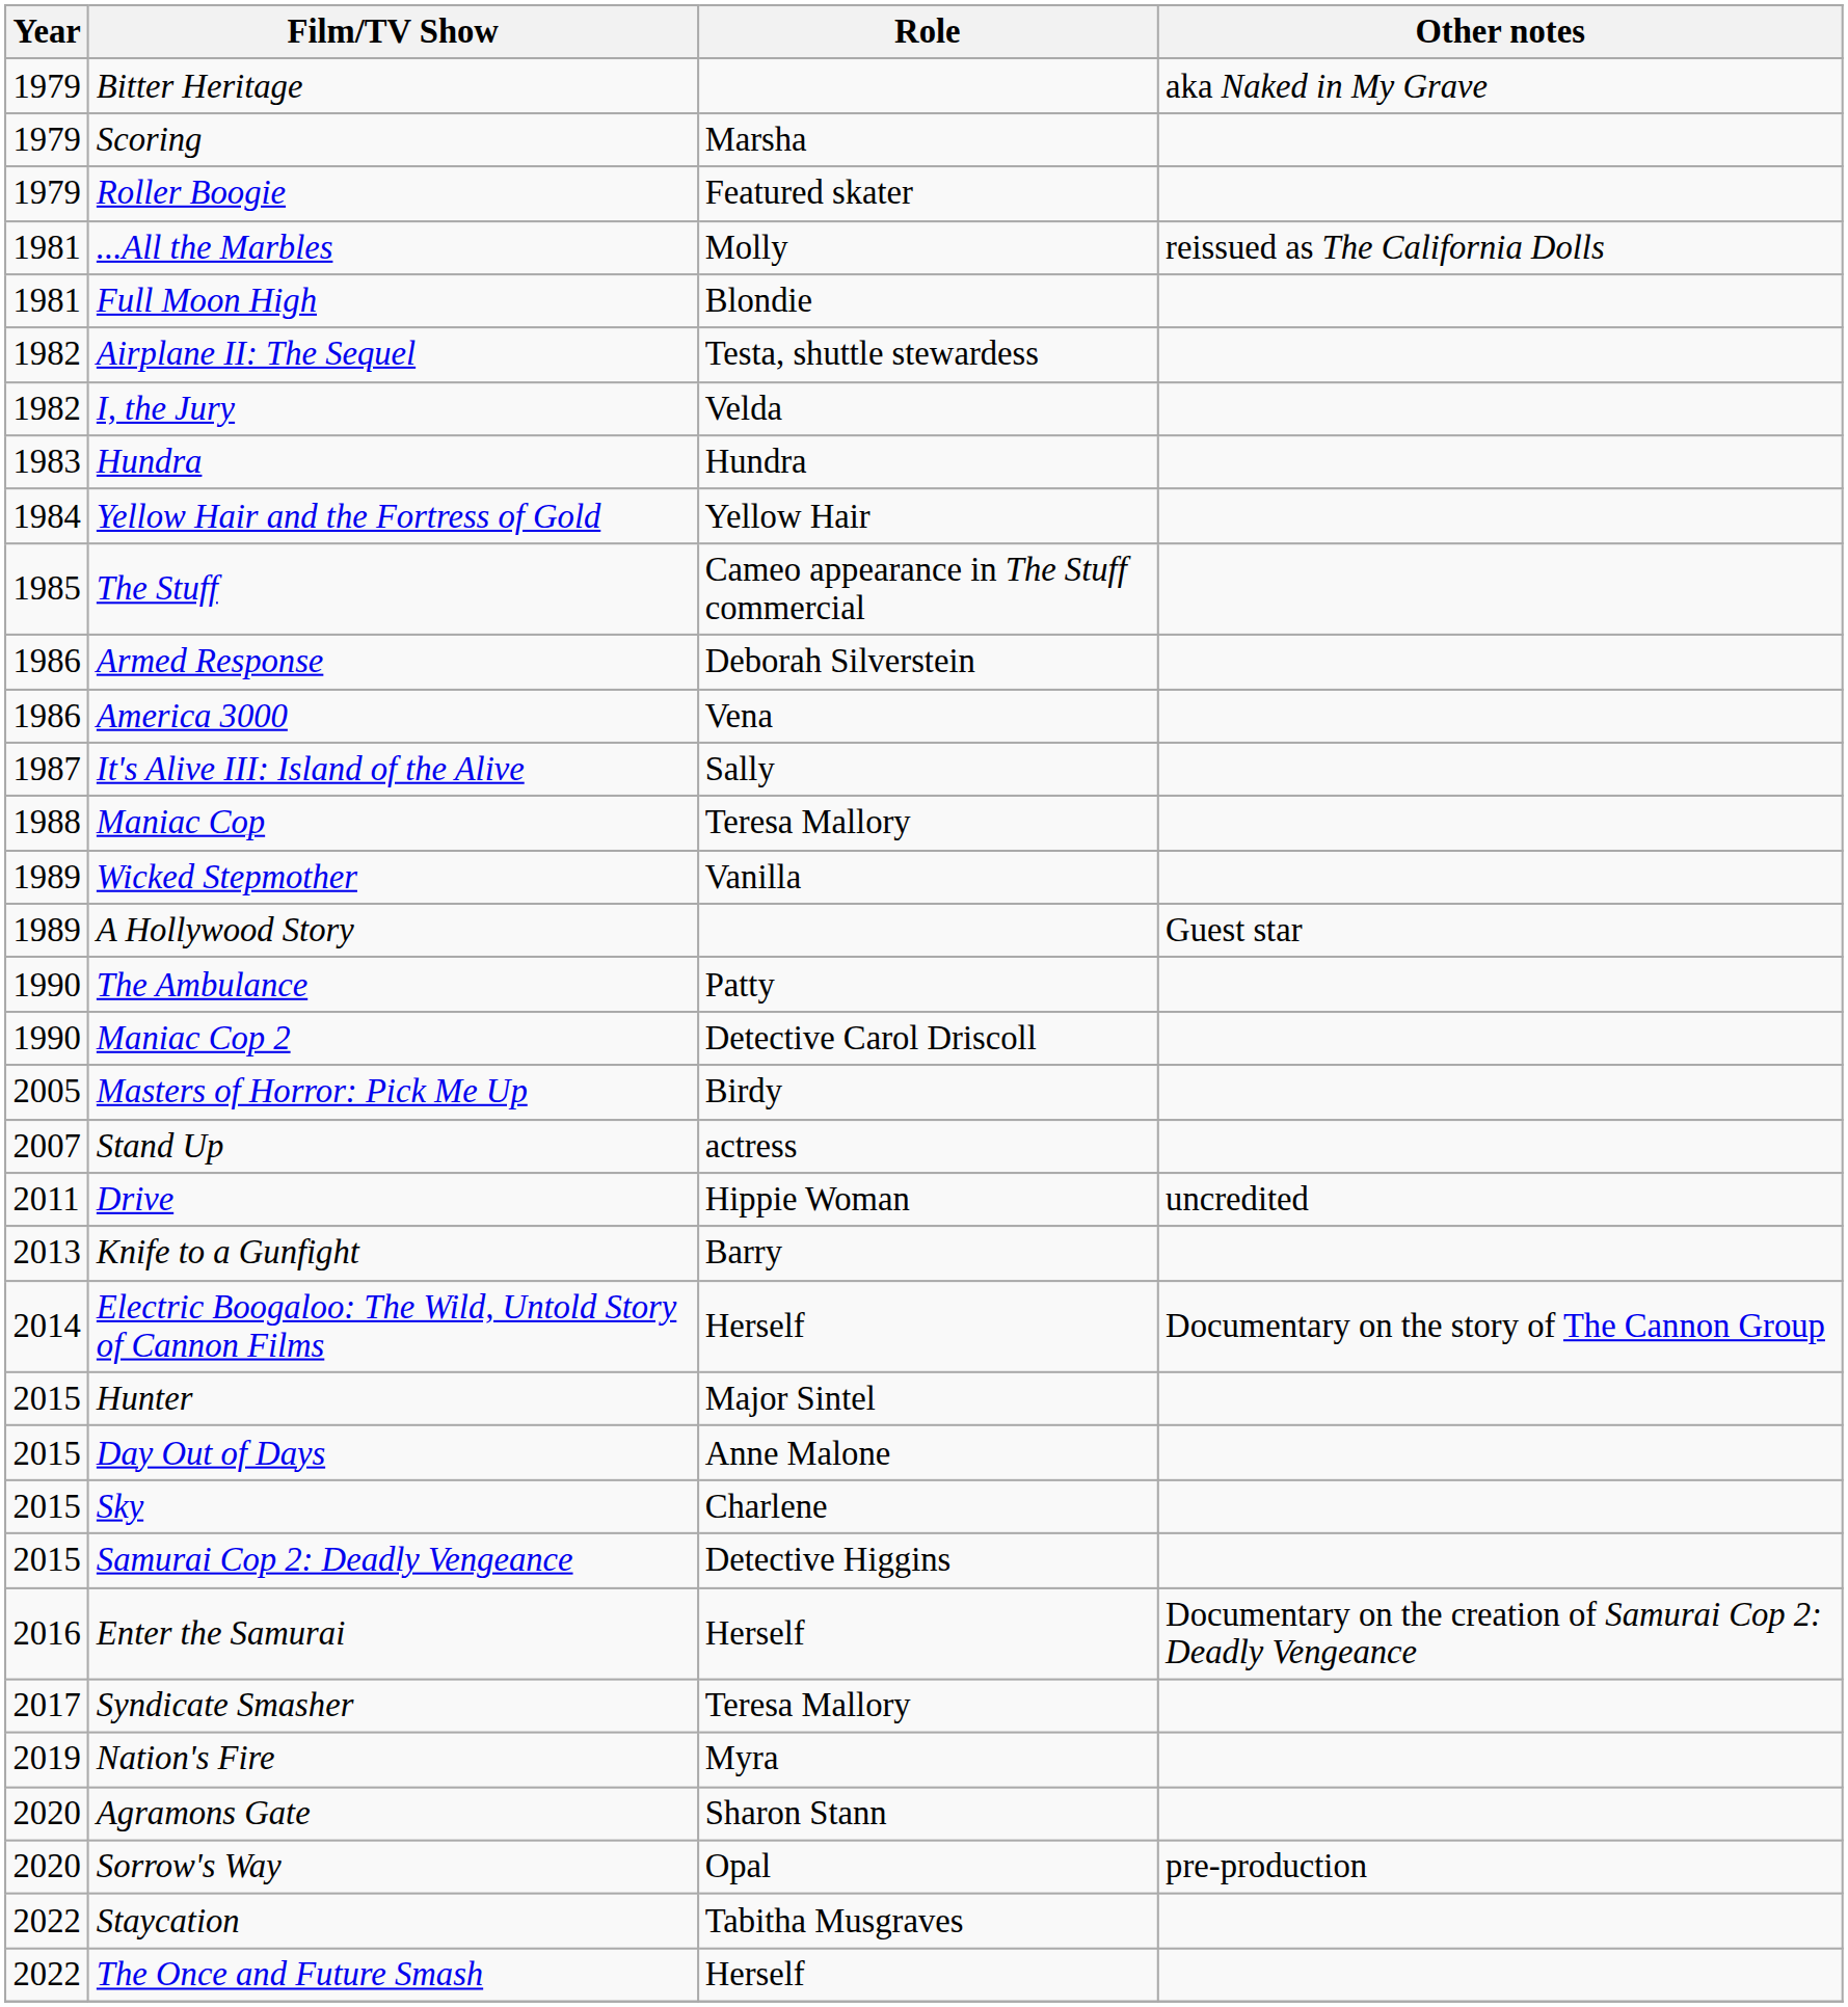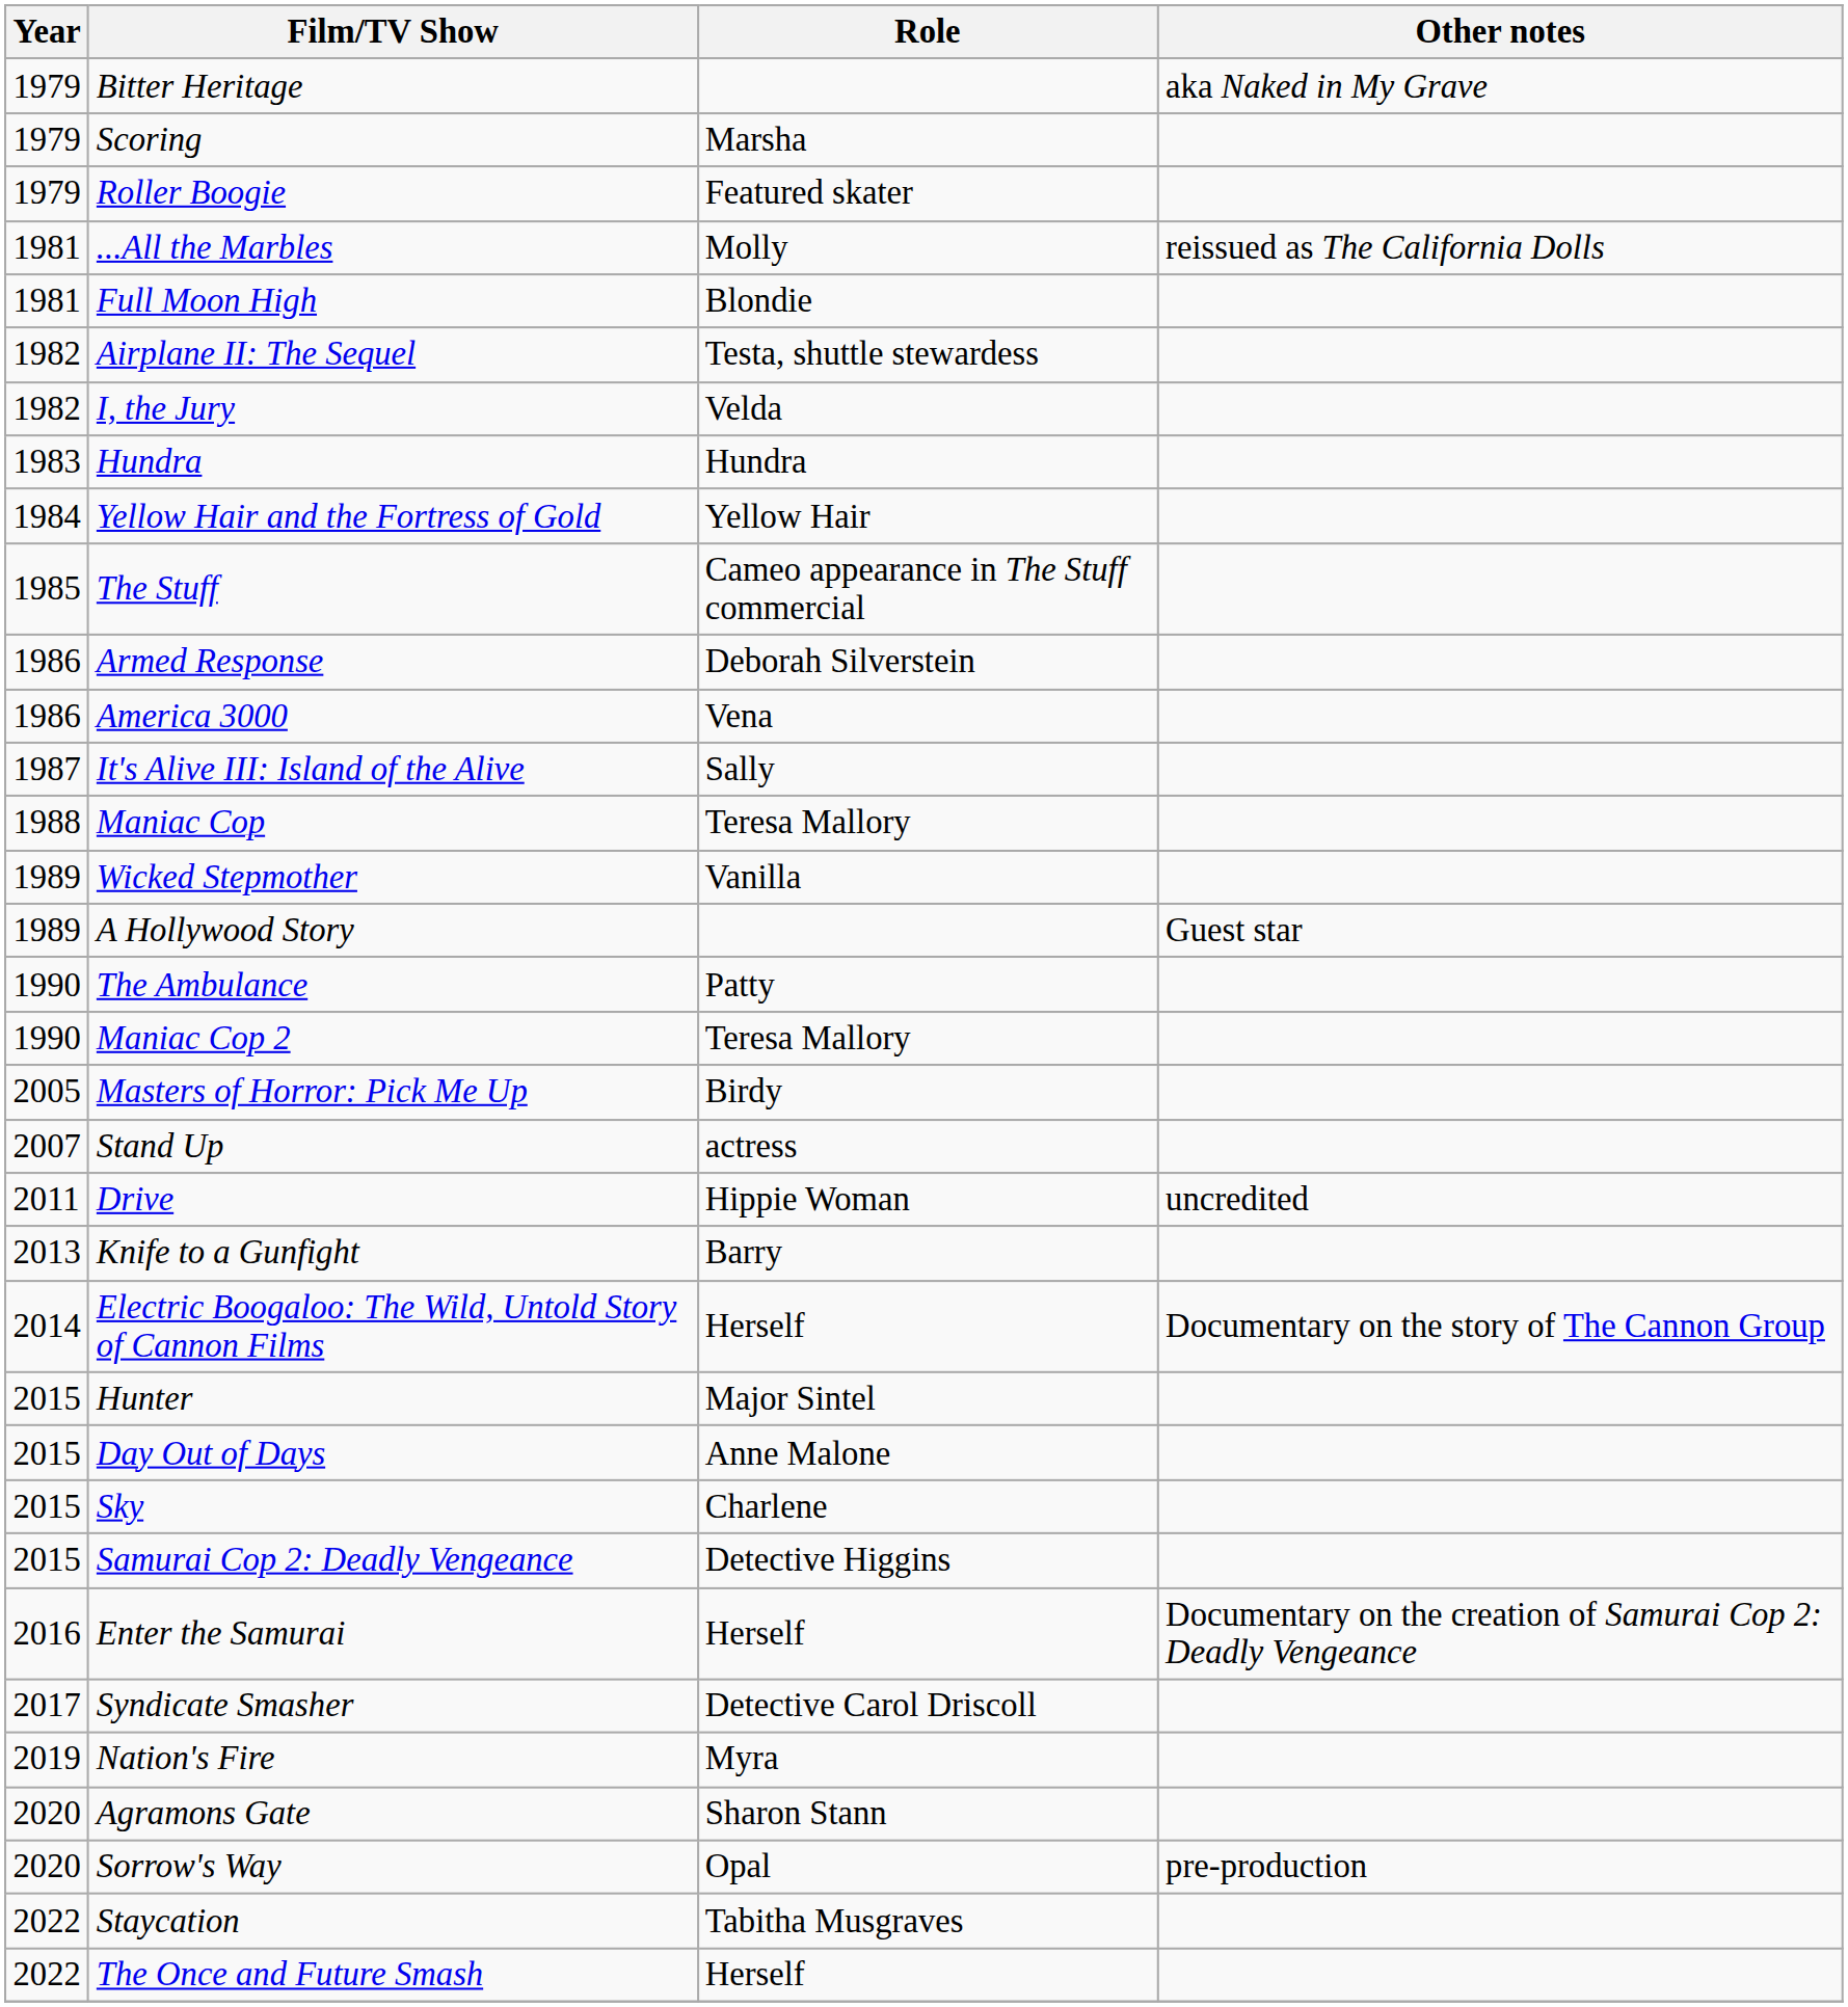 <table class="wikitable">
 <tr>
 <th>Year</th>
 <th>Film/TV Show</th>
 <th>Role</th>
 <th>Other notes</th>
 </tr>
 <tr>
 <td>1979</td>
 <td><em>Bitter Heritage</em></td>
 <td></td>
 <td>aka <em>Naked in My Grave</em></td>
 </tr>
 <tr>
 <td>1979</td>
 <td><em>Scoring</em></td>
 <td>Marsha</td>
 <td></td>
 </tr>
 <tr>
 <td>1979</td>
 <td><em><a href='#'>Roller Boogie</a></em></td>
 <td>Featured skater</td>
 <td></td>
 </tr>
 <tr>
 <td>1981</td>
 <td><em><a href='#'>...All the Marbles</a></em></td>
 <td>Molly</td>
 <td>reissued as <em>The California Dolls</em></td>
 </tr>
 <tr>
 <td>1981</td>
 <td><em><a href='#'>Full Moon High</a></em></td>
 <td>Blondie</td>
 <td></td>
 </tr>
 <tr>
 <td>1982</td>
 <td><em><a href='#'>Airplane II: The Sequel</a></em></td>
 <td>Testa, shuttle stewardess</td>
 <td></td>
 </tr>
 <tr>
 <td>1982</td>
 <td><em><a href='#'>I, the Jury</a></em></td>
 <td>Velda</td>
 <td></td>
 </tr>
 <tr>
 <td>1983</td>
 <td><em><a href='#'>Hundra</a></em></td>
 <td>Hundra</td>
 <td></td>
 </tr>
 <tr>
 <td>1984</td>
 <td><em><a href='#'>Yellow Hair and the Fortress of Gold</a></em></td>
 <td>Yellow Hair</td>
 <td></td>
 </tr>
 <tr>
 <td>1985</td>
 <td><em><a href='#'>The Stuff</a></em></td>
 <td>Cameo appearance in <em>The Stuff</em> commercial</td>
 <td></td>
 </tr>
 <tr>
 <td>1986</td>
 <td><em><a href='#'>Armed Response</a></em></td>
 <td>Deborah Silverstein</td>
 <td></td>
 </tr>
 <tr>
 <td>1986</td>
 <td><em><a href='#'>America 3000</a></em></td>
 <td>Vena</td>
 <td></td>
 </tr>
 <tr>
 <td>1987</td>
 <td><em><a href='#'>It's Alive III: Island of the Alive</a></em></td>
 <td>Sally</td>
 <td></td>
 </tr>
 <tr>
 <td>1988</td>
 <td><em><a href='#'>Maniac Cop</a></em></td>
 <td>Teresa Mallory</td>
 <td></td>
 </tr>
 <tr>
 <td>1989</td>
 <td><em><a href='#'>Wicked Stepmother</a></em></td>
 <td>Vanilla</td>
 <td></td>
 </tr>
 <tr>
 <td>1989</td>
 <td><em>A Hollywood Story</em></td>
 <td></td>
 <td>Guest star</td>
 </tr>
 <tr>
 <td>1990</td>
 <td><em><a href='#'>The Ambulance</a></em></td>
 <td>Patty</td>
 <td></td>
 </tr>
 <tr>
 <td>1990</td>
 <td><em><a href='#'>Maniac Cop 2</a></em></td>
-<td>Detective Carol Driscoll</td>
+<td>Teresa Mallory</td>
 <td></td>
 </tr>
 <tr>
 <td>2005</td>
 <td><em><a href='#'>Masters of Horror: Pick Me Up</a></em></td>
 <td>Birdy</td>
 <td></td>
 </tr>
 <tr>
 <td>2007</td>
 <td><em>Stand Up</em></td>
 <td>actress</td>
 <td></td>
 </tr>
 <tr>
 <td>2011</td>
 <td><em><a href='#'>Drive</a></em></td>
 <td>Hippie Woman</td>
 <td>uncredited</td>
 </tr>
 <tr>
 <td>2013</td>
 <td><em>Knife to a Gunfight</em></td>
 <td>Barry</td>
 <td></td>
 </tr>
 <tr>
 <td>2014</td>
 <td><em><a href='#'>Electric Boogaloo: The Wild, Untold Story of Cannon Films</a></em></td>
 <td>Herself</td>
 <td>Documentary on the story of <a href='#'>The Cannon Group</a></td>
 </tr>
 <tr>
 <td>2015</td>
 <td><em>Hunter</em></td>
 <td>Major Sintel</td>
 <td></td>
 </tr>
 <tr>
 <td>2015</td>
 <td><em><a href='#'>Day Out of Days</a></em></td>
 <td>Anne Malone</td>
 <td></td>
 </tr>
 <tr>
 <td>2015</td>
 <td><em><a href='#'>Sky</a></em></td>
 <td>Charlene</td>
 <td></td>
 </tr>
 <tr>
 <td>2015</td>
 <td><em><a href='#'>Samurai Cop 2: Deadly Vengeance</a></em></td>
 <td>Detective Higgins</td>
 <td></td>
 </tr>
 <tr>
 <td>2016</td>
 <td><em>Enter the Samurai</em></td>
 <td>Herself</td>
 <td>Documentary on the creation of <em>Samurai Cop 2: Deadly Vengeance</em></td>
 </tr>
 <tr>
 <td>2017</td>
 <td><em>Syndicate Smasher</em></td>
-<td>Teresa Mallory</td>
+<td>Detective Carol Driscoll</td>
 <td></td>
 </tr>
 <tr>
 <td>2019</td>
 <td><em>Nation's Fire</em></td>
 <td>Myra</td>
 <td></td>
 </tr>
 <tr>
 <td>2020</td>
 <td><em>Agramons Gate</em></td>
 <td>Sharon Stann</td>
 <td></td>
 </tr>
 <tr>
 <td>2020</td>
 <td><em>Sorrow's Way</em></td>
 <td>Opal</td>
 <td>pre-production</td>
 </tr>
 <tr>
 <td>2022</td>
 <td><em>Staycation</em></td>
 <td>Tabitha Musgraves</td>
 <td></td>
 </tr>
 <tr>
 <td>2022</td>
 <td><em><a href='#'>The Once and Future Smash</a></em></td>
 <td>Herself</td>
 <td></td>
 </tr>
 <tr>
 </tr>
 </table>
